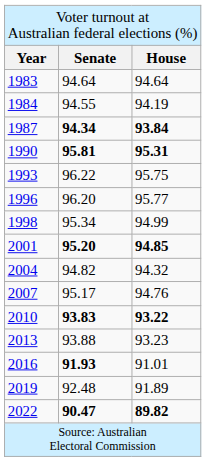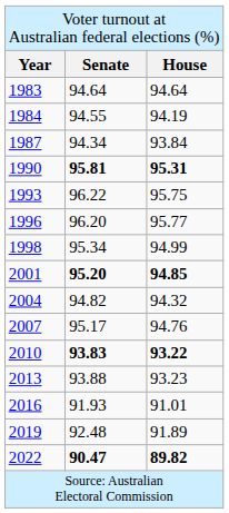 <table class="wikitable" style="float: right;" border="1">
 <tr>
 <td colspan="3" style="font-size:100%; background:#cef; text-align:center;">Voter turnout at<br>Australian federal elections (%)</td>
 </tr>
 <tr>
 <th>Year</th>
 <th>Senate</th>
 <th>House</th>
 </tr>
 <tr>
 <td><a href='#'>1983</a></td>
 <td>94.64</td>
 <td>94.64</td>
 </tr>
 <tr>
 <td><a href='#'>1984</a></td>
 <td>94.55</td>
 <td>94.19</td>
 </tr>
 <tr>
 <td><a href='#'>1987</a></td>
-<td><strong>94.34</strong></td>
-<td><strong>93.84</strong></td>
+<td>94.34</td>
+<td>93.84</td>
 </tr>
 <tr>
 <td><a href='#'>1990</a></td>
 <td><strong>95.81</strong></td>
 <td><strong>95.31</strong></td>
 </tr>
 <tr>
 <td><a href='#'>1993</a></td>
 <td>96.22</td>
 <td>95.75</td>
 </tr>
 <tr>
 <td><a href='#'>1996</a></td>
 <td>96.20</td>
 <td>95.77</td>
 </tr>
 <tr>
 <td><a href='#'>1998</a></td>
 <td>95.34</td>
 <td>94.99</td>
 </tr>
 <tr>
 <td><a href='#'>2001</a></td>
 <td><strong>95.20</strong></td>
 <td><strong>94.85</strong></td>
 </tr>
 <tr>
 <td><a href='#'>2004</a></td>
 <td>94.82</td>
 <td>94.32</td>
 </tr>
 <tr>
 <td><a href='#'>2007</a></td>
 <td>95.17</td>
 <td>94.76</td>
 </tr>
 <tr>
 <td><a href='#'>2010</a></td>
 <td><strong>93.83</strong></td>
 <td><strong>93.22</strong></td>
 </tr>
 <tr>
 <td><a href='#'>2013</a></td>
 <td>93.88</td>
 <td>93.23</td>
 </tr>
 <tr>
 <td><a href='#'>2016</a></td>
-<td><strong>91.93</strong></td>
+<td>91.93</td>
 <td>91.01</td>
 </tr>
 <tr>
 <td><a href='#'>2019</a></td>
 <td>92.48</td>
 <td>91.89</td>
 </tr>
 <tr>
 <td><a href='#'>2022</a></td>
 <td><strong>90.47</strong></td>
 <td><strong>89.82</strong></td>
 </tr>
 <tr>
 <td colspan="3" style="font-size:80%; background:#cef; text-align:center;">Source: Australian<br>Electoral Commission</td>
 </tr>
 </table>
